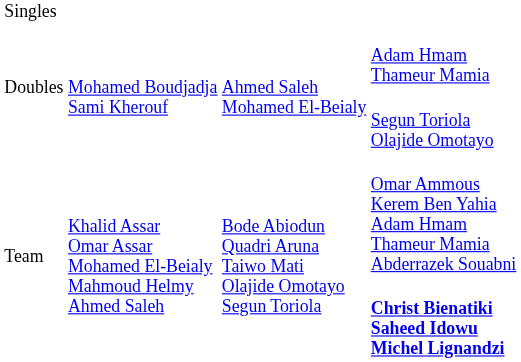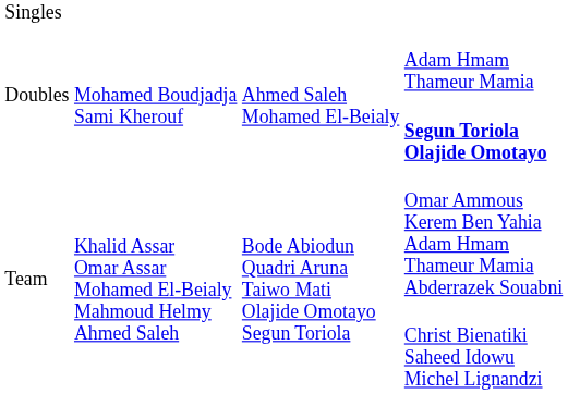 <table>
 <tr>
 <td rowspan=2>Singles</td>
 <td rowspan=2></td>
 <td rowspan=2></td>
 <td></td>
 </tr>
 <tr>
 <td></td>
 </tr>
 <tr>
 <td rowspan=2>Doubles</td>
 <td rowspan=2><br><a href='#'>Mohamed Boudjadja</a><br><a href='#'>Sami Kherouf</a></td>
 <td rowspan=2><br><a href='#'>Ahmed Saleh</a><br><a href='#'>Mohamed El-Beialy</a></td>
 <td><br><a href='#'>Adam Hmam</a><br><a href='#'>Thameur Mamia</a></td>
 </tr>
 <tr>
-<td><br><a href='#'>Segun Toriola</a><br><a href='#'>Olajide Omotayo</a></td>
+<td><strong><br><a href='#'>Segun Toriola</a><br><a href='#'>Olajide Omotayo</a></strong></td>
 </tr>
 <tr>
 <td rowspan=2>Team</td>
 <td rowspan=2><br><a href='#'>Khalid Assar</a><br><a href='#'>Omar Assar</a><br><a href='#'>Mohamed El-Beialy</a><br><a href='#'>Mahmoud Helmy</a><br><a href='#'>Ahmed Saleh</a></td>
 <td rowspan=2><br><a href='#'>Bode Abiodun</a><br><a href='#'>Quadri Aruna</a><br><a href='#'>Taiwo Mati</a><br><a href='#'>Olajide Omotayo</a><br><a href='#'>Segun Toriola</a></td>
 <td><br><a href='#'>Omar Ammous</a><br><a href='#'>Kerem Ben Yahia</a><br><a href='#'>Adam Hmam</a><br><a href='#'>Thameur Mamia</a><br><a href='#'>Abderrazek Souabni</a></td>
 </tr>
 <tr>
-<td><strong><br><a href='#'>Christ Bienatiki</a><br><a href='#'>Saheed Idowu</a><br><a href='#'>Michel Lignandzi</a></strong></td>
+<td><br><a href='#'>Christ Bienatiki</a><br><a href='#'>Saheed Idowu</a><br><a href='#'>Michel Lignandzi</a></td>
 </tr>
 </table>
